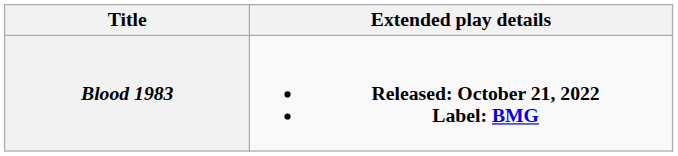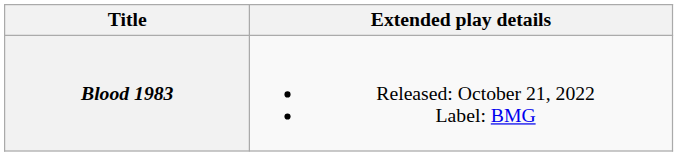 <table class="wikitable plainrowheaders" style="text-align:center;">
 <tr>
 <th scope="col" style="width:12em;">Title</th>
 <th scope="col" style="width:21em;">Extended play details</th>
 </tr>
 <tr>
 <th scope="row"><em>Blood 1983</em></th>
-<td><strong><br><ul><li>Released: October 21, 2022</li><li>Label: <a href='#'>BMG</a></li></ul></strong></td>
+<td><br><ul><li>Released: October 21, 2022</li><li>Label: <a href='#'>BMG</a></li></ul></td>
 </tr>
 </table>
